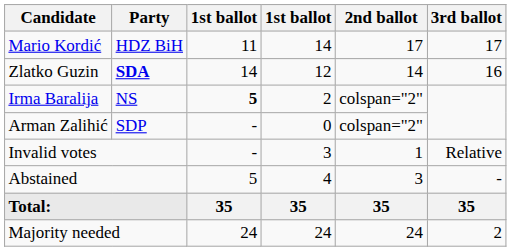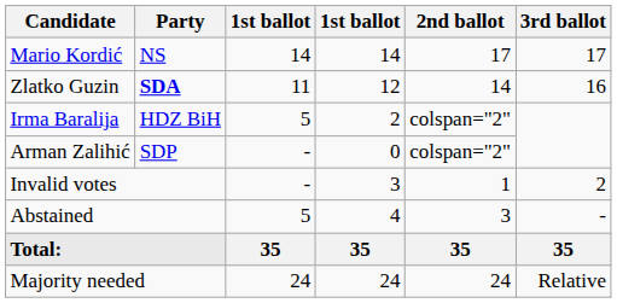 <table class="wikitable" border="1">
 <tr>
 <th>Candidate</th>
 <th>Party</th>
 <th>1st ballot</th>
 <th>1st ballot </th>
 <th>2nd ballot</th>
 <th>3rd ballot</th>
 </tr>
 <tr>
 <td><a href='#'>Mario Kordić</a></td>
-<td align="left"><a href='#'>HDZ BiH</a></td>
-<td align="right">11</td>
+<td align="left"><a href='#'>NS</a></td>
+<td align="right">14</td>
 <td align="right">14</td>
 <td align="right">17</td>
 <td align="right">17</td>
 </tr>
 <tr>
 <td>Zlatko Guzin</td>
 <td align="left"><strong><a href='#'>SDA</a></strong></td>
-<td align="right">14</td>
+<td align="right">11</td>
 <td align="right">12</td>
 <td align="right">14</td>
 <td align="right">16</td>
 </tr>
 <tr>
 <td><a href='#'>Irma Baralija</a></td>
-<td align="left"><a href='#'>NS</a></td>
-<td align="right"><strong>5</strong></td>
+<td align="left"><a href='#'>HDZ BiH</a></td>
+<td align="right">5</td>
 <td align="right">2</td>
 <td>colspan="2" </td>
 </tr>
 <tr>
 <td>Arman Zalihić</td>
 <td align="left"><a href='#'>SDP</a></td>
 <td align="right">-</td>
 <td align="right">0</td>
 <td>colspan="2" </td>
 </tr>
 <tr>
 <td colspan="2">Invalid votes</td>
 <td align="right">-</td>
 <td align="right">3</td>
 <td align="right">1</td>
-<td align="right">Relative</td>
+<td align="right">2</td>
 </tr>
 <tr>
 <td colspan="2">Abstained</td>
 <td align="right">5</td>
 <td align="right">4</td>
 <td align="right">3</td>
 <td align="right">-</td>
 </tr>
 <tr style="background-color:#E9E9E9">
 <td colspan="2"><strong>Total:</strong></td>
 <th align="right">35</th>
 <th align="right">35</th>
 <th align="right">35</th>
 <th align="right">35</th>
 </tr>
 <tr>
 <td colspan="2">Majority needed</td>
 <td align="right">24</td>
 <td align="right">24</td>
 <td align="right">24</td>
-<td align="right">2</td>
+<td align="right">Relative</td>
 </tr>
 </table>
